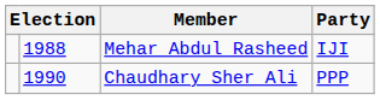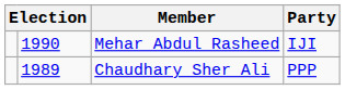 <table class="wikitable">
 <tr>
 <th colspan="2">Election</th>
 <th>Member</th>
 <th>Party</th>
 </tr>
 <tr>
 <td style="background-color: "></td>
-<td><a href='#'>1988</a></td>
+<td><a href='#'>1990</a></td>
 <td><a href='#'>Mehar Abdul Rasheed</a></td>
 <td><a href='#'>IJI</a></td>
 </tr>
 <tr>
 <td style="background-color: "></td>
-<td><a href='#'>1990</a></td>
+<td><a href='#'>1989</a></td>
 <td><a href='#'>Chaudhary Sher Ali</a></td>
 <td><a href='#'>PPP</a></td>
 </tr>
 </table>
